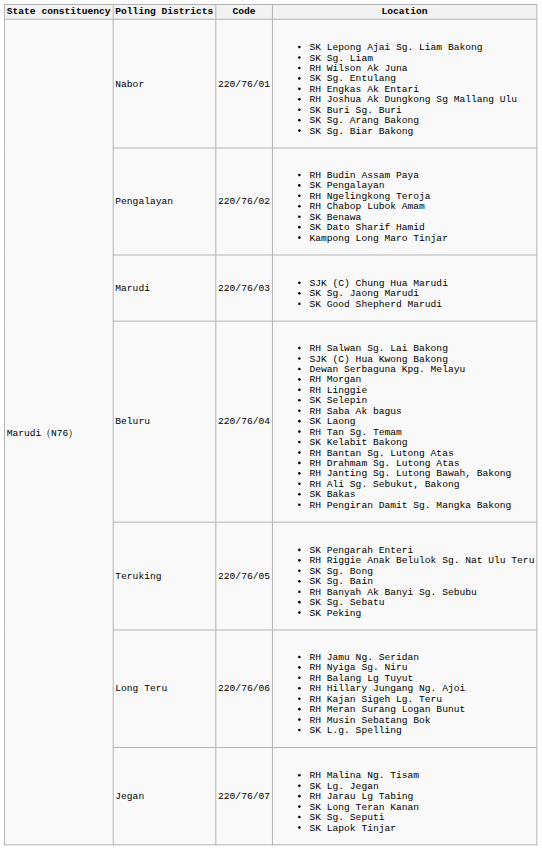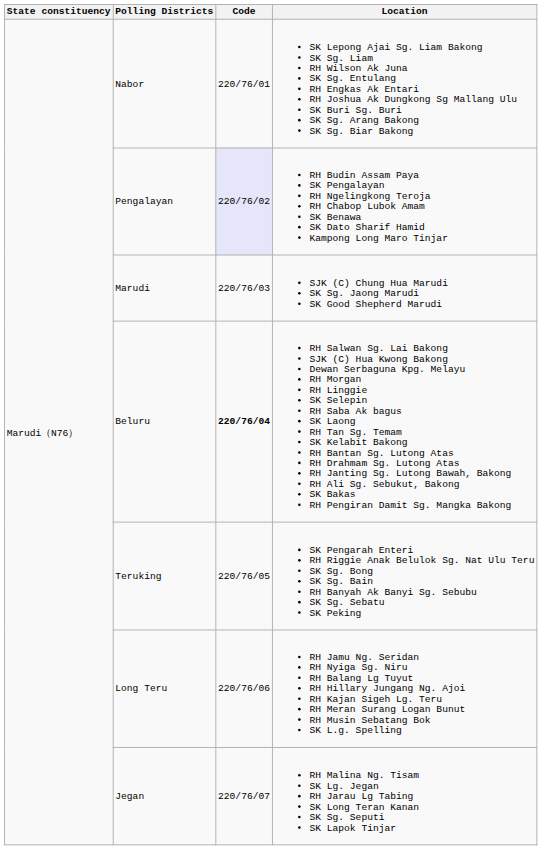 <table class="wikitable sortable mw-collapsible" style="white-space:nowrap;font-size:85%">
 <tr>
 <th>State constituency</th>
 <th>Polling Districts</th>
 <th>Code</th>
 <th>Location</th>
 </tr>
 <tr>
 <td rowspan="7">Marudi（N76）</td>
 <td>Nabor</td>
 <td>220/76/01</td>
 <td><br><ul><li>SK Lepong Ajai Sg. Liam Bakong</li><li>SK Sg. Liam</li><li>RH Wilson Ak Juna</li><li>SK Sg. Entulang</li><li>RH Engkas Ak Entari</li><li>RH Joshua Ak Dungkong Sg Mallang Ulu</li><li>SK Buri Sg. Buri</li><li>SK Sg. Arang Bakong</li><li>SK Sg. Biar Bakong</li></ul></td>
 </tr>
 <tr>
 <td>Pengalayan</td>
-<td>220/76/02</td>
+<td style="background: lavender;">220/76/02</td>
 <td><br><ul><li>RH Budin Assam Paya</li><li>SK Pengalayan</li><li>RH Ngelingkong Teroja</li><li>RH Chabop Lubok Amam</li><li>SK Benawa</li><li>SK Dato Sharif Hamid</li><li>Kampong Long Maro Tinjar</li></ul></td>
 </tr>
 <tr>
 <td>Marudi</td>
 <td>220/76/03</td>
 <td><br><ul><li>SJK (C) Chung Hua Marudi</li><li>SK Sg. Jaong Marudi</li><li>SK Good Shepherd Marudi</li></ul></td>
 </tr>
 <tr>
 <td>Beluru</td>
-<td>220/76/04</td>
+<td><strong>220/76/04</strong></td>
 <td><br><ul><li>RH Salwan Sg. Lai Bakong</li><li>SJK (C) Hua Kwong Bakong</li><li>Dewan Serbaguna Kpg. Melayu</li><li>RH Morgan</li><li>RH Linggie</li><li>SK Selepin</li><li>RH Saba Ak bagus</li><li>SK Laong</li><li>RH Tan Sg. Temam</li><li>SK Kelabit Bakong</li><li>RH Bantan Sg. Lutong Atas</li><li>RH Drahmam Sg. Lutong Atas</li><li>RH Janting Sg. Lutong Bawah, Bakong</li><li>RH Ali Sg. Sebukut, Bakong</li><li>SK Bakas</li><li>RH Pengiran Damit Sg. Mangka Bakong</li></ul></td>
 </tr>
 <tr>
 <td>Teruking</td>
 <td>220/76/05</td>
 <td><br><ul><li>SK Pengarah Enteri</li><li>RH Riggie Anak Belulok Sg. Nat Ulu Teru</li><li>SK Sg. Bong</li><li>SK Sg. Bain</li><li>RH Banyah Ak Banyi Sg. Sebubu</li><li>SK Sg. Sebatu</li><li>SK Peking</li></ul></td>
 </tr>
 <tr>
 <td>Long Teru</td>
 <td>220/76/06</td>
 <td><br><ul><li>RH Jamu Ng. Seridan</li><li>RH Nyiga Sg. Niru</li><li>RH Balang Lg Tuyut</li><li>RH Hillary Jungang Ng. Ajoi</li><li>RH Kajan Sigeh Lg. Teru</li><li>RH Meran Surang Logan Bunut</li><li>RH Musin Sebatang Bok</li><li>SK L.g. Spelling</li></ul></td>
 </tr>
 <tr>
 <td>Jegan</td>
 <td>220/76/07</td>
 <td><br><ul><li>RH Malina Ng. Tisam</li><li>SK Lg. Jegan</li><li>RH Jarau Lg Tabing</li><li>SK Long Teran Kanan</li><li>SK Sg. Seputi</li><li>SK Lapok Tinjar</li></ul></td>
 </tr>
 </table>
